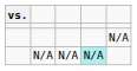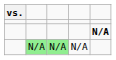 <table class="wikitable">
 <tr>
 <th align="center">vs.</th>
 <td align="center"></td>
 <td align="center"></td>
 <td align="center"></td>
 <td align="center"></td>
 </tr>
 <tr>
 <td></td>
 <td align="center"></td>
 <td align="center"></td>
 <td align="center"></td>
 <td align="center"></td>
 </tr>
 <tr>
 <td></td>
 <td align="center"></td>
 <td align="center"></td>
 <td align="center"></td>
-<td align="center">N/A</td>
+<td align="center"><strong>N/A</strong></td>
 </tr>
 <tr>
 <td></td>
+<td align="center" style="background: lightgreen;">N/A</td>
+<td align="center" style="background: lightgreen;">N/A</td>
 <td align="center">N/A</td>
-<td align="center">N/A</td>
-<td align="center" style="background: paleturquoise;">N/A</td>
 <td align="center"></td>
 </tr>
 </table>
